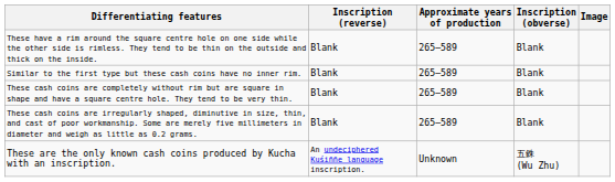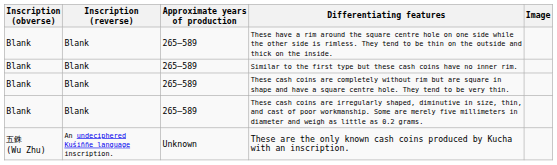 <table class="wikitable">
 <tr>
-<th>Differentiating features</th>
+<th>Inscription<br>(obverse)</th>
 <th>Inscription<br>(reverse)</th>
 <th>Approximate years of production</th>
-<th>Inscription<br>(obverse)</th>
+<th>Differentiating features</th>
 <th>Image</th>
 </tr>
 <tr>
-<td><small>These have a rim around the square centre hole on one side while the other side is rimless. They tend to be thin on the outside and thick on the inside.</small></td>
+<td>Blank</td>
 <td>Blank</td>
 <td>265–589</td>
-<td>Blank</td>
+<td><small>These have a rim around the square centre hole on one side while the other side is rimless. They tend to be thin on the outside and thick on the inside.</small></td>
 <td></td>
 </tr>
 <tr>
-<td><small>Similar to the first type but these cash coins have no inner rim.</small></td>
+<td>Blank</td>
 <td>Blank</td>
 <td>265–589</td>
-<td>Blank</td>
+<td><small>Similar to the first type but these cash coins have no inner rim.</small></td>
 <td></td>
 </tr>
 <tr>
-<td><small>These cash coins are completely without rim but are square in shape and have a square centre hole. They tend to be very thin.</small></td>
+<td>Blank</td>
 <td>Blank</td>
 <td>265–589</td>
-<td>Blank</td>
+<td><small>These cash coins are completely without rim but are square in shape and have a square centre hole. They tend to be very thin.</small></td>
 <td></td>
 </tr>
 <tr>
-<td><small>These cash coins are irregularly shaped, diminutive in size, thin, and cast of poor workmanship. Some are merely five millimeters in diameter and weigh as little as 0.2 grams.</small></td>
+<td>Blank</td>
 <td>Blank</td>
 <td>265–589</td>
-<td>Blank</td>
+<td><small>These cash coins are irregularly shaped, diminutive in size, thin, and cast of poor workmanship. Some are merely five millimeters in diameter and weigh as little as 0.2 grams.</small></td>
 <td></td>
 </tr>
 <tr>
-<td>These are the only known cash coins produced by Kucha with an inscription.</td>
+<td>五銖<br>(Wu Zhu)</td>
 <td><small>An <a href='#'>undeciphered</a> <a href='#'>Kuśiññe language</a> inscription.</small></td>
 <td>Unknown</td>
-<td>五銖<br>(Wu Zhu)</td>
+<td>These are the only known cash coins produced by Kucha with an inscription.</td>
 <td></td>
 </tr>
 </table>
